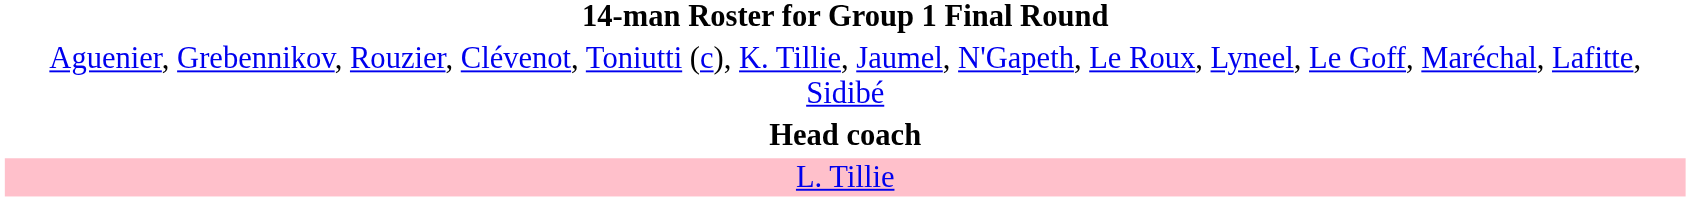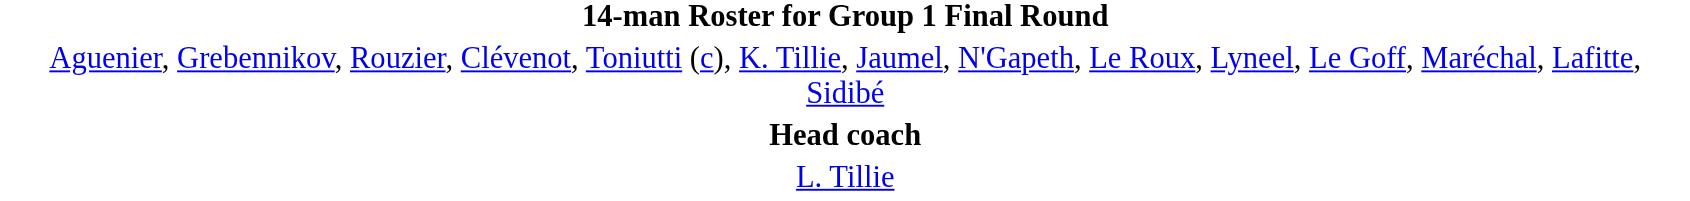 <table style="text-align: center; margin-top: 2em; margin-left: auto; margin-right: auto">
 <tr>
 <td><strong>14-man Roster for Group 1 Final Round</strong></td>
 </tr>
 <tr>
 <td><a href='#'>Aguenier</a>, <a href='#'>Grebennikov</a>, <a href='#'>Rouzier</a>, <a href='#'>Clévenot</a>, <a href='#'>Toniutti</a> (<a href='#'>c</a>), <a href='#'>K. Tillie</a>, <a href='#'>Jaumel</a>, <a href='#'>N'Gapeth</a>, <a href='#'>Le Roux</a>, <a href='#'>Lyneel</a>, <a href='#'>Le Goff</a>, <a href='#'>Maréchal</a>, <a href='#'>Lafitte</a>, <a href='#'>Sidibé</a></td>
 </tr>
 <tr>
 <td><strong>Head coach</strong></td>
 </tr>
 <tr>
-<td style="background: pink;"><a href='#'>L. Tillie</a></td>
+<td><a href='#'>L. Tillie</a></td>
 </tr>
 </table>
